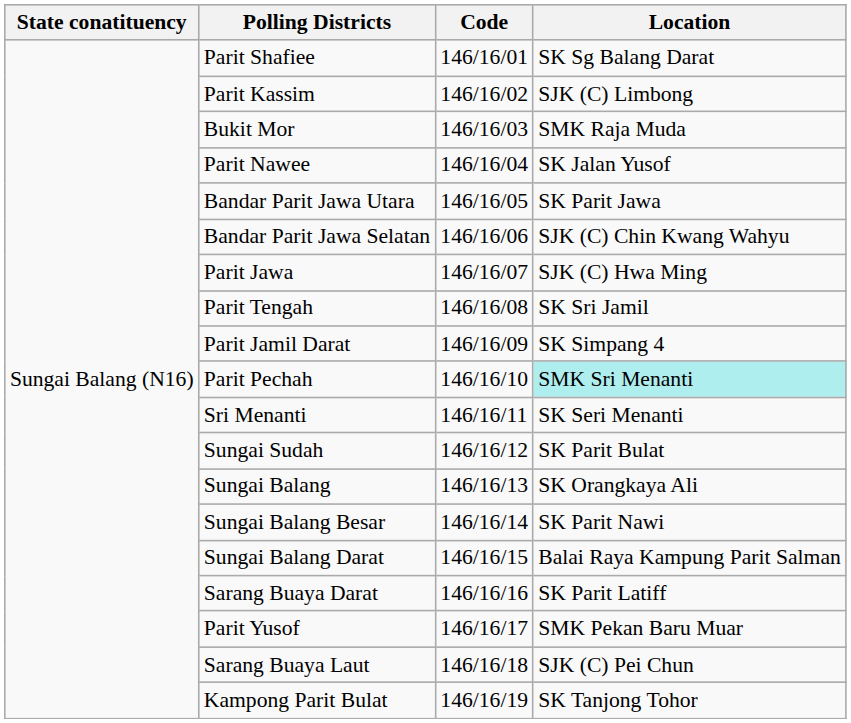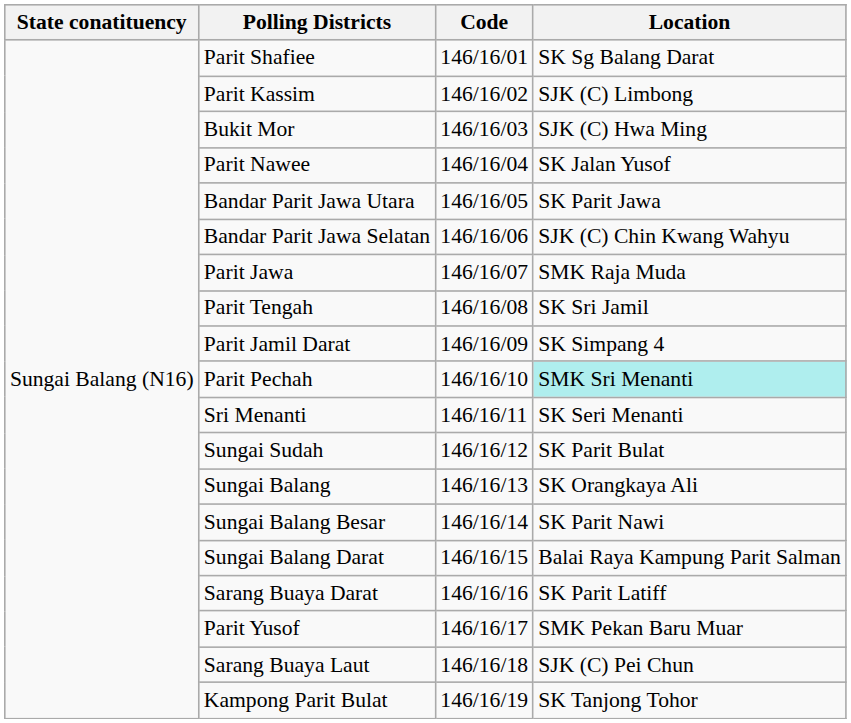 <table class="wikitable sortable mw-collapsible" style="white-space:nowrap;font-size:85%">
 <tr>
 <th>State conatituency</th>
 <th>Polling Districts</th>
 <th>Code</th>
 <th>Location</th>
 </tr>
 <tr>
 <td rowspan="19">Sungai Balang (N16)</td>
 <td>Parit Shafiee</td>
 <td>146/16/01</td>
 <td>SK Sg Balang Darat</td>
 </tr>
 <tr>
 <td>Parit Kassim</td>
 <td>146/16/02</td>
 <td>SJK (C) Limbong</td>
 </tr>
 <tr>
 <td>Bukit Mor</td>
 <td>146/16/03</td>
-<td>SMK Raja Muda</td>
+<td>SJK (C) Hwa Ming</td>
 </tr>
 <tr>
 <td>Parit Nawee</td>
 <td>146/16/04</td>
 <td>SK Jalan Yusof</td>
 </tr>
 <tr>
 <td>Bandar Parit Jawa Utara</td>
 <td>146/16/05</td>
 <td>SK Parit Jawa</td>
 </tr>
 <tr>
 <td>Bandar Parit Jawa Selatan</td>
 <td>146/16/06</td>
 <td>SJK (C) Chin Kwang Wahyu</td>
 </tr>
 <tr>
 <td>Parit Jawa</td>
 <td>146/16/07</td>
-<td>SJK (C) Hwa Ming</td>
+<td>SMK Raja Muda</td>
 </tr>
 <tr>
 <td>Parit Tengah</td>
 <td>146/16/08</td>
 <td>SK Sri Jamil</td>
 </tr>
 <tr>
 <td>Parit Jamil Darat</td>
 <td>146/16/09</td>
 <td>SK Simpang 4</td>
 </tr>
 <tr>
 <td>Parit Pechah</td>
 <td>146/16/10</td>
 <td style="background: paleturquoise;">SMK Sri Menanti</td>
 </tr>
 <tr>
 <td>Sri Menanti</td>
 <td>146/16/11</td>
 <td>SK Seri Menanti</td>
 </tr>
 <tr>
 <td>Sungai Sudah</td>
 <td>146/16/12</td>
 <td>SK Parit Bulat</td>
 </tr>
 <tr>
 <td>Sungai Balang</td>
 <td>146/16/13</td>
 <td>SK Orangkaya Ali</td>
 </tr>
 <tr>
 <td>Sungai Balang Besar</td>
 <td>146/16/14</td>
 <td>SK Parit Nawi</td>
 </tr>
 <tr>
 <td>Sungai Balang Darat</td>
 <td>146/16/15</td>
 <td>Balai Raya Kampung Parit Salman</td>
 </tr>
 <tr>
 <td>Sarang Buaya Darat</td>
 <td>146/16/16</td>
 <td>SK Parit Latiff</td>
 </tr>
 <tr>
 <td>Parit Yusof</td>
 <td>146/16/17</td>
 <td>SMK Pekan Baru Muar</td>
 </tr>
 <tr>
 <td>Sarang Buaya Laut</td>
 <td>146/16/18</td>
 <td>SJK (C) Pei Chun</td>
 </tr>
 <tr>
 <td>Kampong Parit Bulat</td>
 <td>146/16/19</td>
 <td>SK Tanjong Tohor</td>
 </tr>
 </table>
